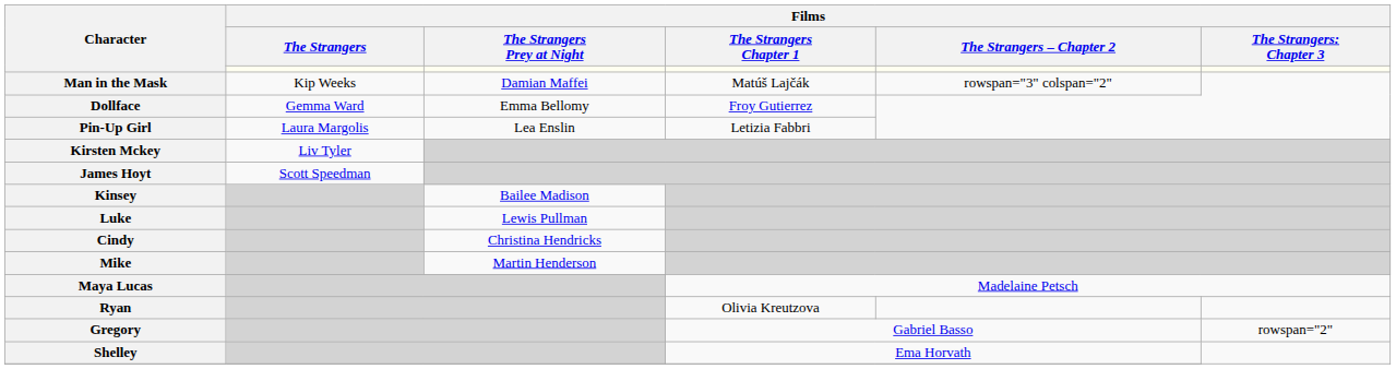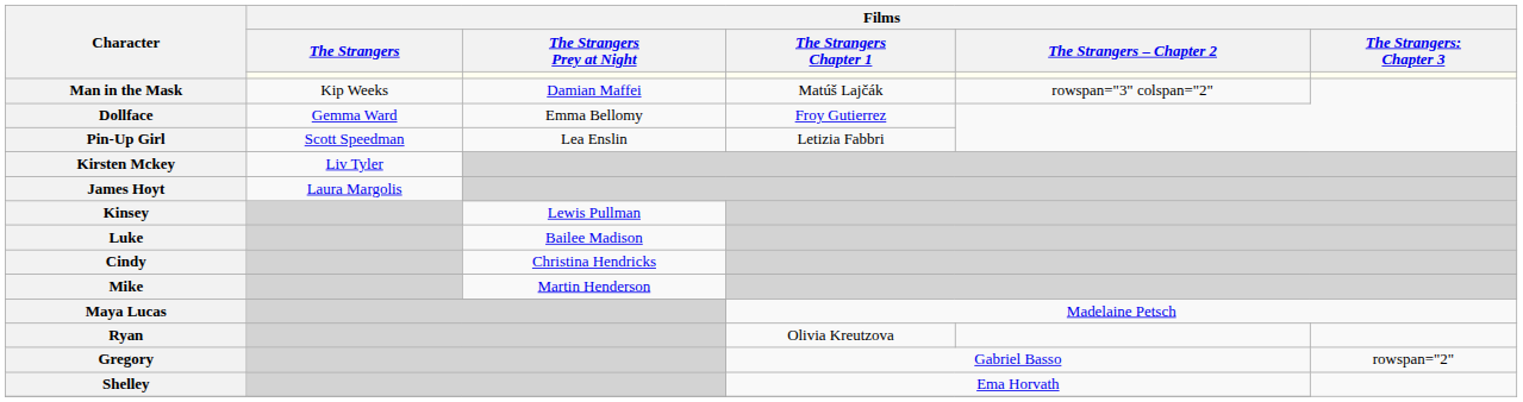 <table class="wikitable" style="text-align:center; width:99%;">
 <tr>
 <th rowspan="3">Character</th>
 <th colspan="5" style="text-align:center;">Films</th>
 </tr>
 <tr>
 <th style="text-align:center;"><em><a href='#'>The Strangers</a></em></th>
 <th style="text-align:center;"><em><a href='#'>The Strangers<br>Prey at Night</a></em></th>
 <th style="text-align:center;"><em><a href='#'>The Strangers<br>Chapter 1</a></em></th>
 <th style="text-align:center;"><em><a href='#'>The Strangers – Chapter 2</a></em></th>
 <th style="text-align:center;"><em><a href='#'>The Strangers: <br>Chapter 3</a></em></th>
 </tr>
 <tr>
 <th style="background:ivory;"></th>
 <th style="background:ivory;"></th>
 <th style="background:ivory;"></th>
 <th style="background:ivory;"></th>
 <th style="background:ivory;"></th>
 </tr>
 <tr>
 <th>Man in the Mask<br></th>
 <td>Kip Weeks</td>
 <td><a href='#'>Damian Maffei</a></td>
 <td>Matúš Lajčák</td>
 <td>rowspan="3" colspan="2" </td>
 </tr>
 <tr>
 <th>Dollface</th>
 <td><a href='#'>Gemma Ward</a></td>
 <td>Emma Bellomy</td>
 <td><a href='#'>Froy Gutierrez</a></td>
 </tr>
 <tr>
 <th>Pin-Up Girl</th>
-<td><a href='#'>Laura Margolis</a></td>
+<td><a href='#'>Scott Speedman</a></td>
 <td>Lea Enslin</td>
 <td>Letizia Fabbri</td>
 </tr>
 <tr>
 <th>Kirsten Mckey</th>
 <td><a href='#'>Liv Tyler</a></td>
 <td colspan="4" style="background:lightgrey;"></td>
 </tr>
 <tr>
 <th>James Hoyt</th>
-<td><a href='#'>Scott Speedman</a></td>
+<td><a href='#'>Laura Margolis</a></td>
 <td colspan="4" style="background:lightgrey;"></td>
 </tr>
 <tr>
 <th>Kinsey</th>
 <td style="background:lightgrey;"></td>
-<td><a href='#'>Bailee Madison</a></td>
+<td><a href='#'>Lewis Pullman</a></td>
 <td colspan="3" style="background:lightgrey;"></td>
 </tr>
 <tr>
 <th>Luke</th>
 <td style="background:lightgrey;"></td>
-<td><a href='#'>Lewis Pullman</a></td>
+<td><a href='#'>Bailee Madison</a></td>
 <td colspan="3" style="background:lightgrey;"></td>
 </tr>
 <tr>
 <th>Cindy</th>
 <td style="background:lightgrey;"></td>
 <td><a href='#'>Christina Hendricks</a></td>
 <td colspan="3" style="background:lightgrey;"></td>
 </tr>
 <tr>
 <th>Mike</th>
 <td style="background:lightgrey;"></td>
 <td><a href='#'>Martin Henderson</a></td>
 <td colspan="3" style="background:lightgrey;"></td>
 </tr>
 <tr>
 <th>Maya Lucas</th>
 <td colspan="2" style="background:lightgrey;"></td>
 <td colspan="3"><a href='#'>Madelaine Petsch</a></td>
 </tr>
 <tr>
 <th>Ryan</th>
 <td colspan="2" style="background:lightgrey;"></td>
 <td>Olivia Kreutzova</td>
 <td></td>
 <td></td>
 </tr>
 <tr>
 <th>Gregory</th>
 <td colspan="2" style="background:lightgrey;"></td>
 <td colspan="2"><a href='#'>Gabriel Basso</a></td>
 <td>rowspan="2" </td>
 </tr>
 <tr>
 <th>Shelley</th>
 <td colspan="2" style="background:lightgrey;"></td>
 <td colspan="2"><a href='#'>Ema Horvath</a></td>
 </tr>
 <tr>
 </tr>
 </table>
